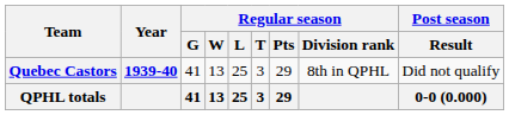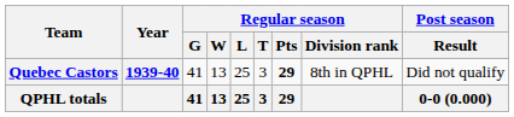 <table class="wikitable" style="font-size: 95%; text-align:center;">
 <tr>
 <th rowspan="2">Team</th>
 <th rowspan="2">Year</th>
 <th colspan="6"><a href='#'>Regular season</a></th>
 <th colspan="1"><a href='#'>Post season</a></th>
 </tr>
 <tr>
 <th>G</th>
 <th>W</th>
 <th>L</th>
 <th>T</th>
 <th>Pts</th>
 <th>Division rank</th>
 <th>Result</th>
 </tr>
 <tr>
 <th><a href='#'>Quebec Castors</a></th>
 <th><a href='#'>1939-40</a></th>
 <td>41</td>
 <td>13</td>
 <td>25</td>
 <td>3</td>
-<td>29</td>
+<td><strong>29</strong></td>
 <td>8th in QPHL</td>
 <td>Did not qualify</td>
 </tr>
 <tr align="centre" bgcolor="#dddddd">
 <th>QPHL totals</th>
 <th></th>
 <th>41</th>
 <th>13</th>
 <th>25</th>
 <th>3</th>
 <th>29</th>
 <th></th>
 <th>0-0 (0.000)</th>
 </tr>
 </table>
